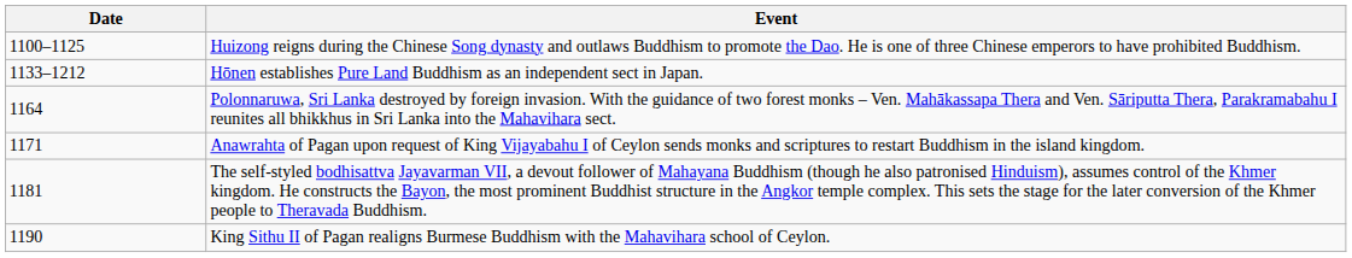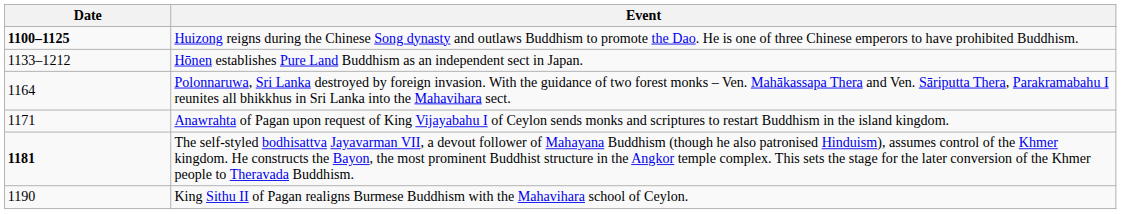 <table class="wikitable" width="100%">
 <tr>
 <th style="width:15%">Date</th>
 <th>Event</th>
 </tr>
 <tr>
-<td>1100–1125</td>
+<td><strong>1100–1125</strong></td>
 <td><a href='#'>Huizong</a> reigns during the Chinese <a href='#'>Song dynasty</a> and outlaws Buddhism to promote <a href='#'>the Dao</a>.  He is one of three Chinese emperors to have prohibited Buddhism.</td>
 </tr>
 <tr>
 <td>1133–1212</td>
 <td><a href='#'>Hōnen</a> establishes <a href='#'>Pure Land</a> Buddhism as an independent sect in Japan.</td>
 </tr>
 <tr>
 <td>1164</td>
 <td><a href='#'>Polonnaruwa</a>, <a href='#'>Sri Lanka</a> destroyed by foreign invasion. With the guidance of two forest monks – Ven. <a href='#'>Mahākassapa Thera</a> and Ven. <a href='#'>Sāriputta Thera</a>, <a href='#'>Parakramabahu I</a> reunites all bhikkhus in Sri Lanka into the <a href='#'>Mahavihara</a> sect.</td>
 </tr>
 <tr>
 <td>1171</td>
 <td><a href='#'>Anawrahta</a> of Pagan upon request of King <a href='#'>Vijayabahu I</a> of Ceylon sends monks and scriptures to restart Buddhism in the island kingdom.</td>
 </tr>
 <tr>
-<td>1181</td>
+<td><strong>1181</strong></td>
 <td>The self-styled <a href='#'>bodhisattva</a> <a href='#'>Jayavarman VII</a>, a devout follower of <a href='#'>Mahayana</a> Buddhism (though he also patronised <a href='#'>Hinduism</a>), assumes control of the <a href='#'>Khmer</a> kingdom.  He constructs the <a href='#'>Bayon</a>, the most prominent Buddhist structure in the <a href='#'>Angkor</a> temple complex. This sets the stage for the later conversion of the Khmer people to <a href='#'>Theravada</a> Buddhism.</td>
 </tr>
 <tr>
 <td>1190</td>
 <td>King <a href='#'>Sithu II</a> of Pagan realigns Burmese Buddhism with the <a href='#'>Mahavihara</a> school of Ceylon.</td>
 </tr>
 </table>
